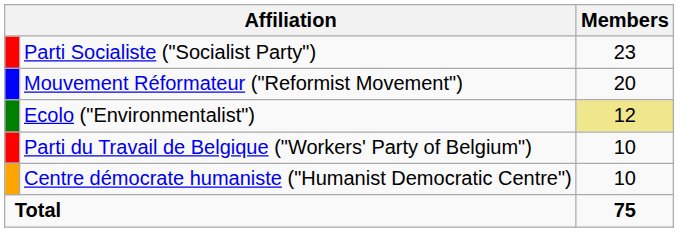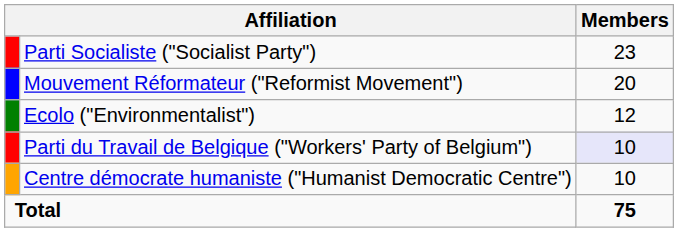 <table class="wikitable">
 <tr>
 <th colspan="2">Affiliation</th>
 <th>Members</th>
 </tr>
 <tr>
 <td bgcolor="red"> </td>
 <td><a href='#'>Parti Socialiste</a> ("Socialist Party")</td>
 <td align="center">23</td>
 </tr>
 <tr>
 <td bgcolor="blue"> </td>
 <td><a href='#'>Mouvement Réformateur</a> ("Reformist Movement")</td>
 <td align="center">20</td>
 </tr>
 <tr>
 <td bgcolor="green"> </td>
 <td><a href='#'>Ecolo</a> ("Environmentalist")</td>
-<td align="center" style="background: khaki;">12</td>
+<td align="center">12</td>
 </tr>
 <tr>
 <td bgcolor="red"> </td>
 <td><a href='#'>Parti du Travail de Belgique</a> ("Workers' Party of Belgium")</td>
-<td align="center">10</td>
+<td align="center" style="background: lavender;">10</td>
 </tr>
 <tr>
 <td bgcolor="orange"> </td>
 <td><a href='#'>Centre démocrate humaniste</a> ("Humanist Democratic Centre")</td>
 <td align="center">10</td>
 </tr>
 <tr>
 <td colspan="2" rowspan="1"> <strong>Total</strong></td>
 <td align="center"><strong>75</strong></td>
 </tr>
 </table>
